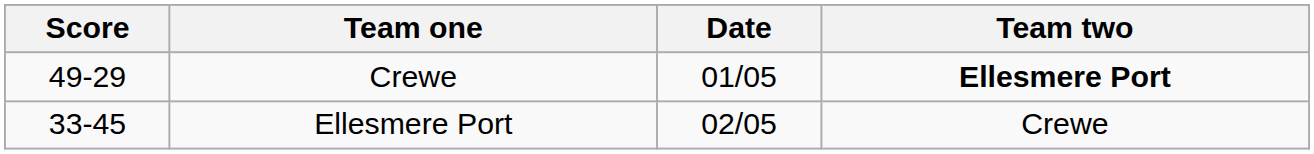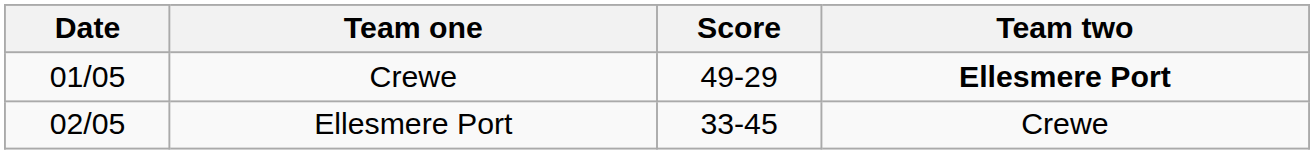 <table class="wikitable" style="text-align: center">
 <tr>
+<th width=80>Date</th>
+<th width=250>Team one</th>
 <th width=80>Score</th>
-<th width=250>Team one</th>
-<th width=80>Date</th>
 <th width=250>Team two</th>
 </tr>
 <tr>
+<td>01/05</td>
+<td>Crewe</td>
 <td>49-29</td>
-<td>Crewe</td>
-<td>01/05</td>
 <td><strong>Ellesmere Port</strong></td>
 </tr>
 <tr>
+<td>02/05</td>
+<td>Ellesmere Port</td>
 <td>33-45</td>
-<td>Ellesmere Port</td>
-<td>02/05</td>
 <td>Crewe</td>
 </tr>
 </table>
